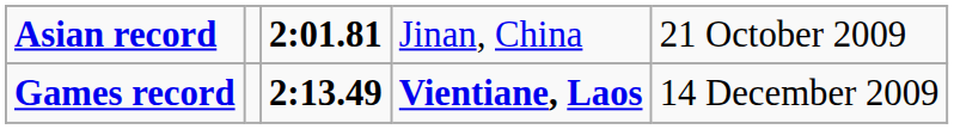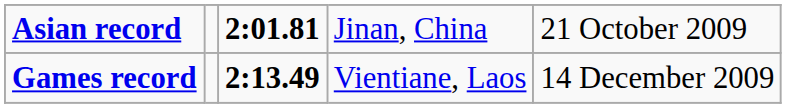 <table class="wikitable">
 <tr>
 <td><strong><a href='#'>Asian record</a></strong></td>
 <td></td>
 <td><strong>2:01.81</strong></td>
 <td><a href='#'>Jinan</a>, <a href='#'>China</a></td>
 <td>21 October 2009</td>
 </tr>
 <tr>
 <td><strong><a href='#'>Games record</a></strong></td>
 <td></td>
 <td><strong>2:13.49</strong></td>
-<td><strong><a href='#'>Vientiane</a>, <a href='#'>Laos</a></strong></td>
+<td><a href='#'>Vientiane</a>, <a href='#'>Laos</a></td>
 <td>14 December 2009</td>
 </tr>
 </table>
